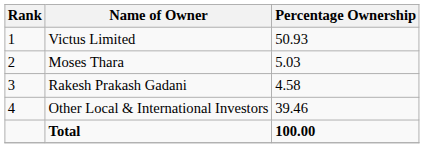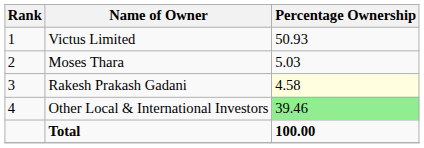 <table class="wikitable sortable" style="margin-left:auto;margin-right:auto">
 <tr>
 <th style="width:2em;">Rank</th>
 <th>Name of Owner</th>
 <th>Percentage Ownership</th>
 </tr>
 <tr>
 <td>1</td>
 <td>Victus Limited</td>
 <td>50.93</td>
 </tr>
 <tr>
 <td>2</td>
 <td>Moses Thara</td>
 <td>5.03</td>
 </tr>
 <tr>
 <td>3</td>
 <td>Rakesh Prakash Gadani</td>
-<td>4.58</td>
+<td style="background: lightyellow;">4.58</td>
 </tr>
 <tr>
 <td>4</td>
 <td>Other Local & International Investors</td>
-<td>39.46</td>
+<td style="background: lightgreen;">39.46</td>
 </tr>
 <tr>
 <td></td>
 <td><strong>Total</strong></td>
 <td><strong>100.00</strong></td>
 </tr>
 <tr>
 </tr>
 </table>
